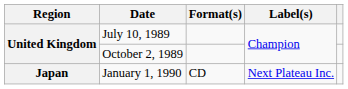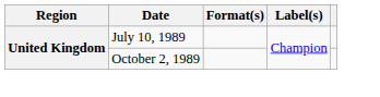 <table class="wikitable plainrowheaders">
 <tr>
 <th scope="col">Region</th>
 <th scope="col">Date</th>
 <th scope="col">Format(s)</th>
 <th scope="col">Label(s)</th>
 <th scope="col"></th>
 </tr>
 <tr>
 <th scope="row" rowspan="2">United Kingdom</th>
 <td>July 10, 1989</td>
 <td></td>
 <td rowspan="2"><a href='#'>Champion</a></td>
 <td></td>
 </tr>
 <tr>
 <td>October 2, 1989</td>
 <td></td>
 <td></td>
 </tr>
-<tr>
-<th scope="row">Japan</th>
-<td>January 1, 1990</td>
-<td>CD</td>
-<td><a href='#'>Next Plateau Inc.</a></td>
-<td></td>
-</tr>
 </table>
